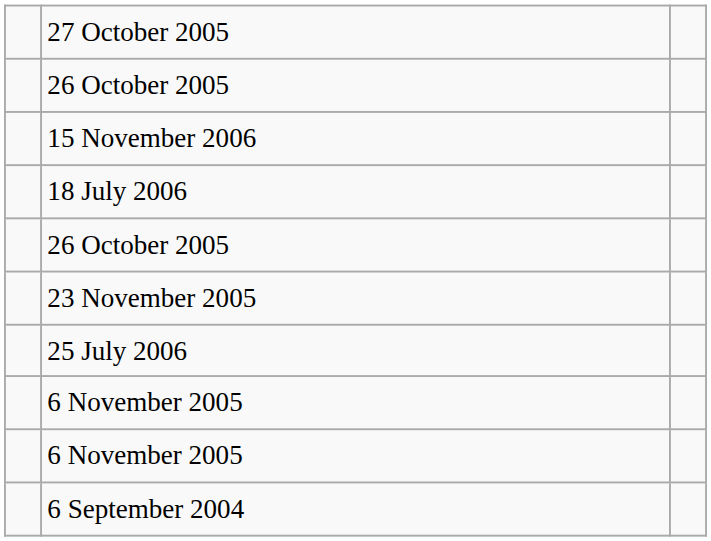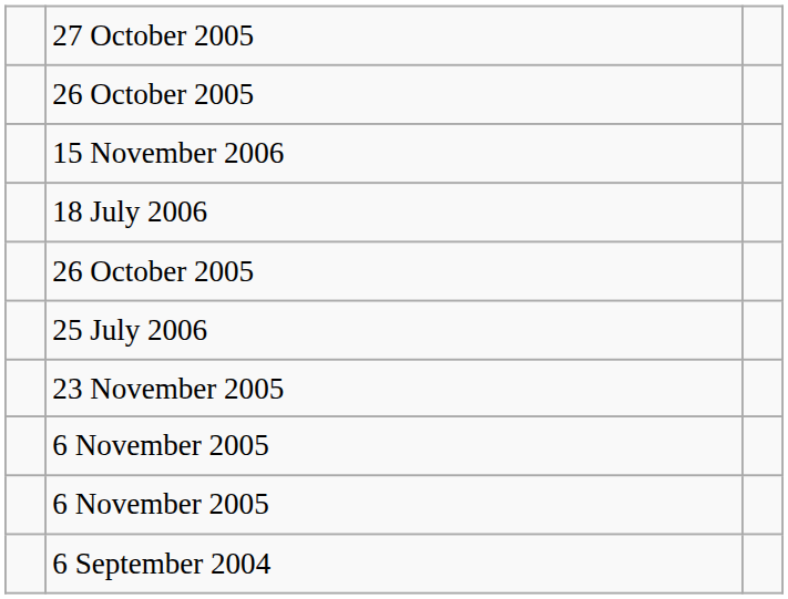 <table class="wikitable" style="font-size: 89%; float: left; width: 26em; margin-right: 1em; height: 280px;">
 <tr>
 <td></td>
 <td>27 October 2005</td>
 <td></td>
 </tr>
 <tr>
 <td></td>
 <td>26 October 2005</td>
 <td></td>
 </tr>
 <tr>
 <td></td>
 <td>15 November 2006</td>
 <td></td>
 </tr>
 <tr>
 <td></td>
 <td>18 July 2006</td>
 <td></td>
 </tr>
 <tr>
 <td></td>
 <td>26 October 2005</td>
 <td></td>
 </tr>
 <tr>
 <td></td>
-<td>23 November 2005</td>
+<td>25 July 2006</td>
 <td></td>
 </tr>
 <tr>
 <td></td>
-<td>25 July 2006</td>
+<td>23 November 2005</td>
 <td></td>
 </tr>
 <tr>
 <td></td>
 <td>6 November 2005</td>
 <td></td>
 </tr>
 <tr>
 <td></td>
 <td>6 November 2005</td>
 <td></td>
 </tr>
 <tr>
 <td></td>
 <td>6 September 2004</td>
 <td></td>
 </tr>
 </table>
